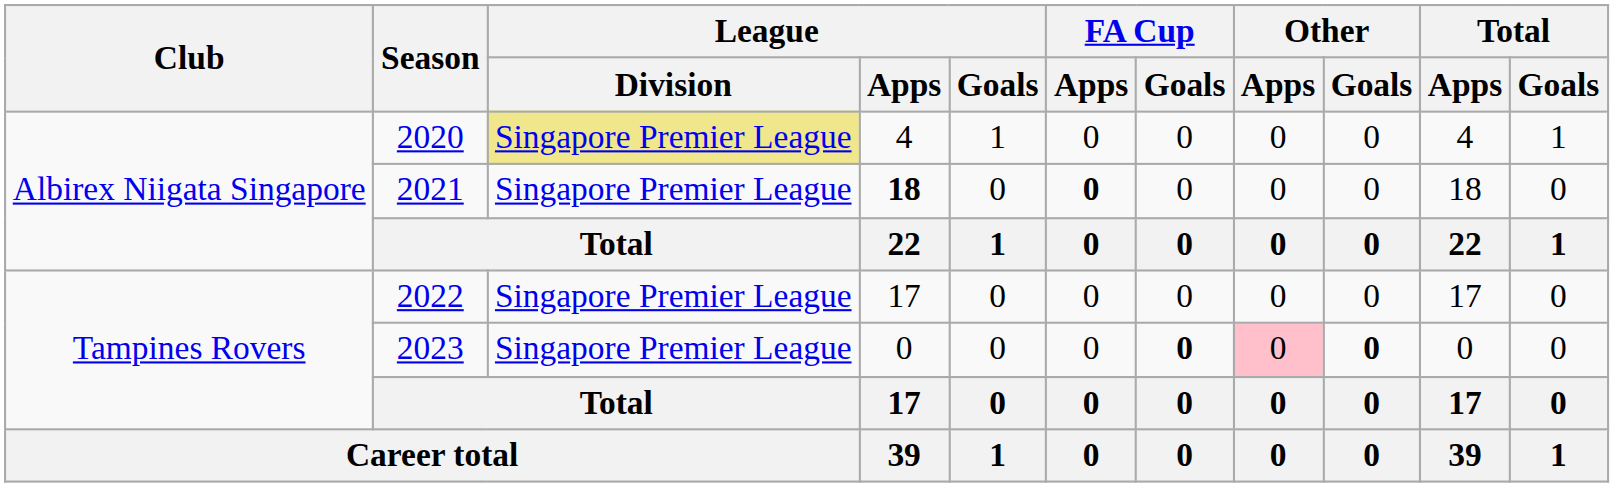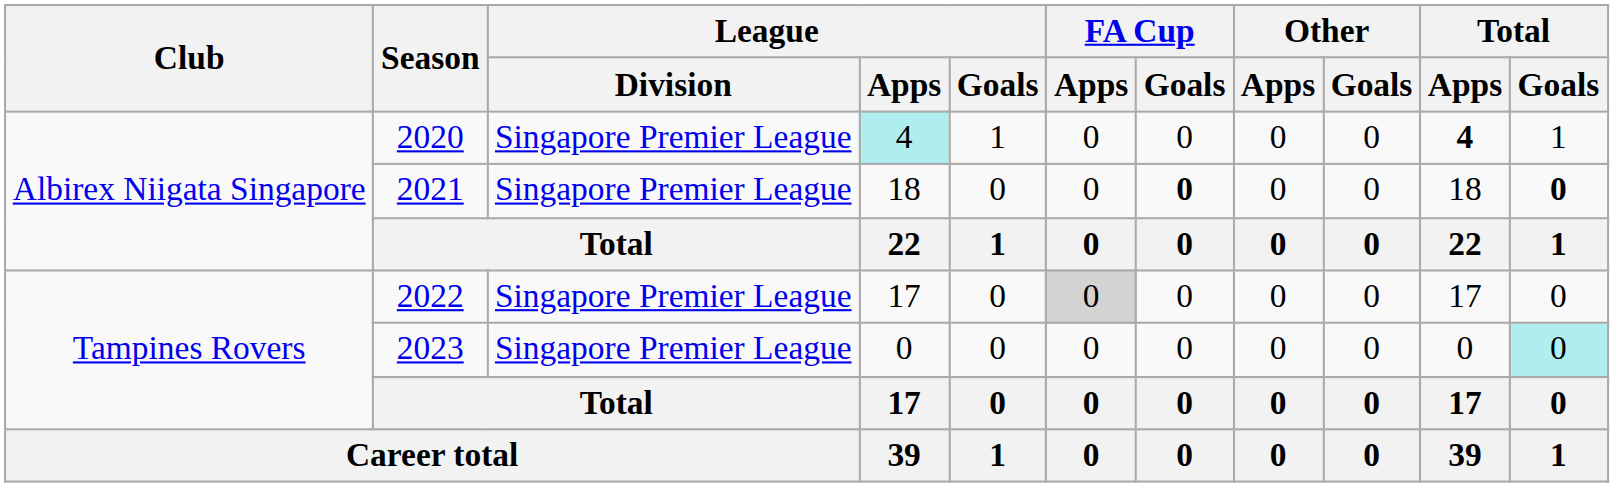 <table class="wikitable" style="text-align: center">
 <tr>
 <th rowspan="2">Club</th>
 <th rowspan="2">Season</th>
 <th colspan="3">League</th>
 <th colspan="2"><a href='#'>FA Cup</a></th>
 <th colspan="2">Other</th>
 <th colspan="2">Total</th>
 </tr>
 <tr>
 <th>Division</th>
 <th>Apps</th>
 <th>Goals</th>
 <th>Apps</th>
 <th>Goals</th>
 <th>Apps</th>
 <th>Goals</th>
 <th>Apps</th>
 <th>Goals</th>
 </tr>
 <tr>
 <td rowspan="3"><a href='#'>Albirex Niigata Singapore</a></td>
 <td><a href='#'>2020</a></td>
-<td style="background: khaki;"><a href='#'>Singapore Premier League</a></td>
-<td>4</td>
+<td><a href='#'>Singapore Premier League</a></td>
+<td style="background: paleturquoise;">4</td>
 <td>1</td>
 <td>0</td>
 <td>0</td>
 <td>0</td>
 <td>0</td>
-<td>4</td>
+<td><strong>4</strong></td>
 <td>1</td>
 </tr>
 <tr>
 <td><a href='#'>2021</a></td>
 <td><a href='#'>Singapore Premier League</a></td>
-<td><strong>18</strong></td>
+<td>18</td>
+<td>0</td>
 <td>0</td>
 <td><strong>0</strong></td>
 <td>0</td>
 <td>0</td>
-<td>0</td>
 <td>18</td>
-<td>0</td>
+<td><strong>0</strong></td>
 </tr>
 <tr>
 <th colspan=2>Total</th>
 <th>22</th>
 <th>1</th>
 <th>0</th>
 <th>0</th>
 <th>0</th>
 <th>0</th>
 <th>22</th>
 <th>1</th>
 </tr>
 <tr>
 <td rowspan="3"><a href='#'>Tampines Rovers</a></td>
 <td><a href='#'>2022</a></td>
 <td><a href='#'>Singapore Premier League</a></td>
 <td>17</td>
 <td>0</td>
-<td>0</td>
+<td style="background: lightgrey;">0</td>
 <td>0</td>
 <td>0</td>
 <td>0</td>
 <td>17</td>
 <td>0</td>
 </tr>
 <tr>
 <td><a href='#'>2023</a></td>
 <td><a href='#'>Singapore Premier League</a></td>
 <td>0</td>
 <td>0</td>
 <td>0</td>
-<td><strong>0</strong></td>
-<td style="background: pink;">0</td>
-<td><strong>0</strong></td>
 <td>0</td>
 <td>0</td>
+<td>0</td>
+<td>0</td>
+<td style="background: paleturquoise;">0</td>
 </tr>
 <tr>
 <th colspan=2>Total</th>
 <th>17</th>
 <th>0</th>
 <th>0</th>
 <th>0</th>
 <th>0</th>
 <th>0</th>
 <th>17</th>
 <th>0</th>
 </tr>
 <tr>
 <th colspan=3>Career total</th>
 <th>39</th>
 <th>1</th>
 <th>0</th>
 <th>0</th>
 <th>0</th>
 <th>0</th>
 <th>39</th>
 <th>1</th>
 </tr>
 </table>
